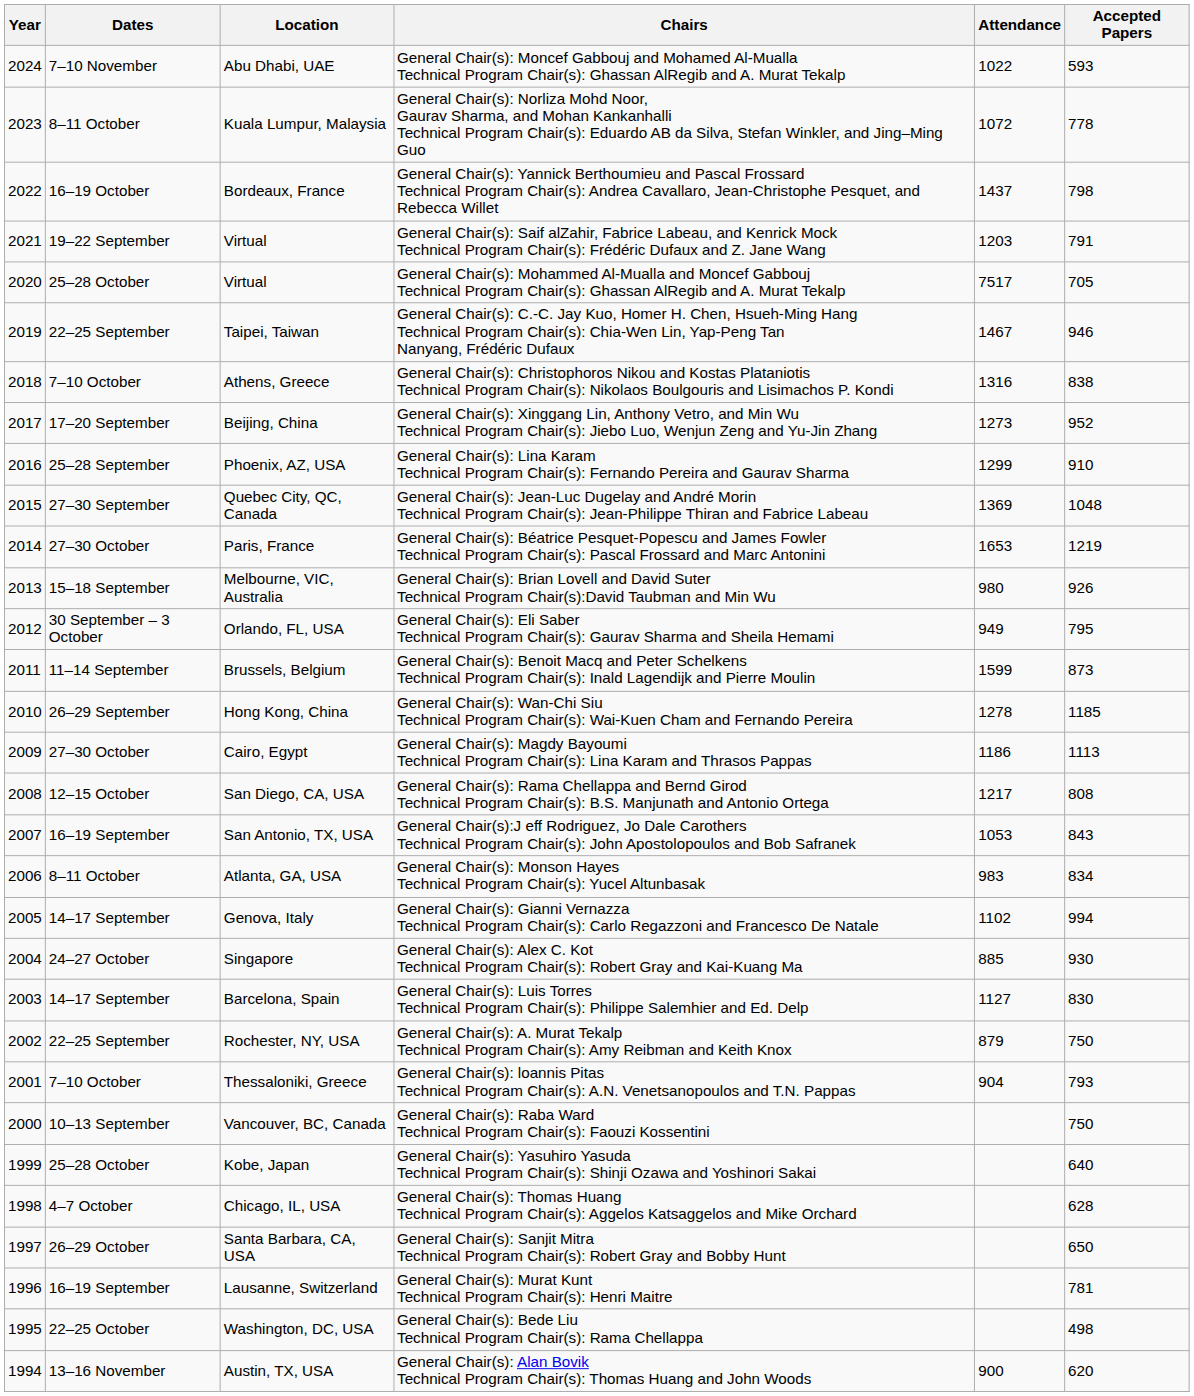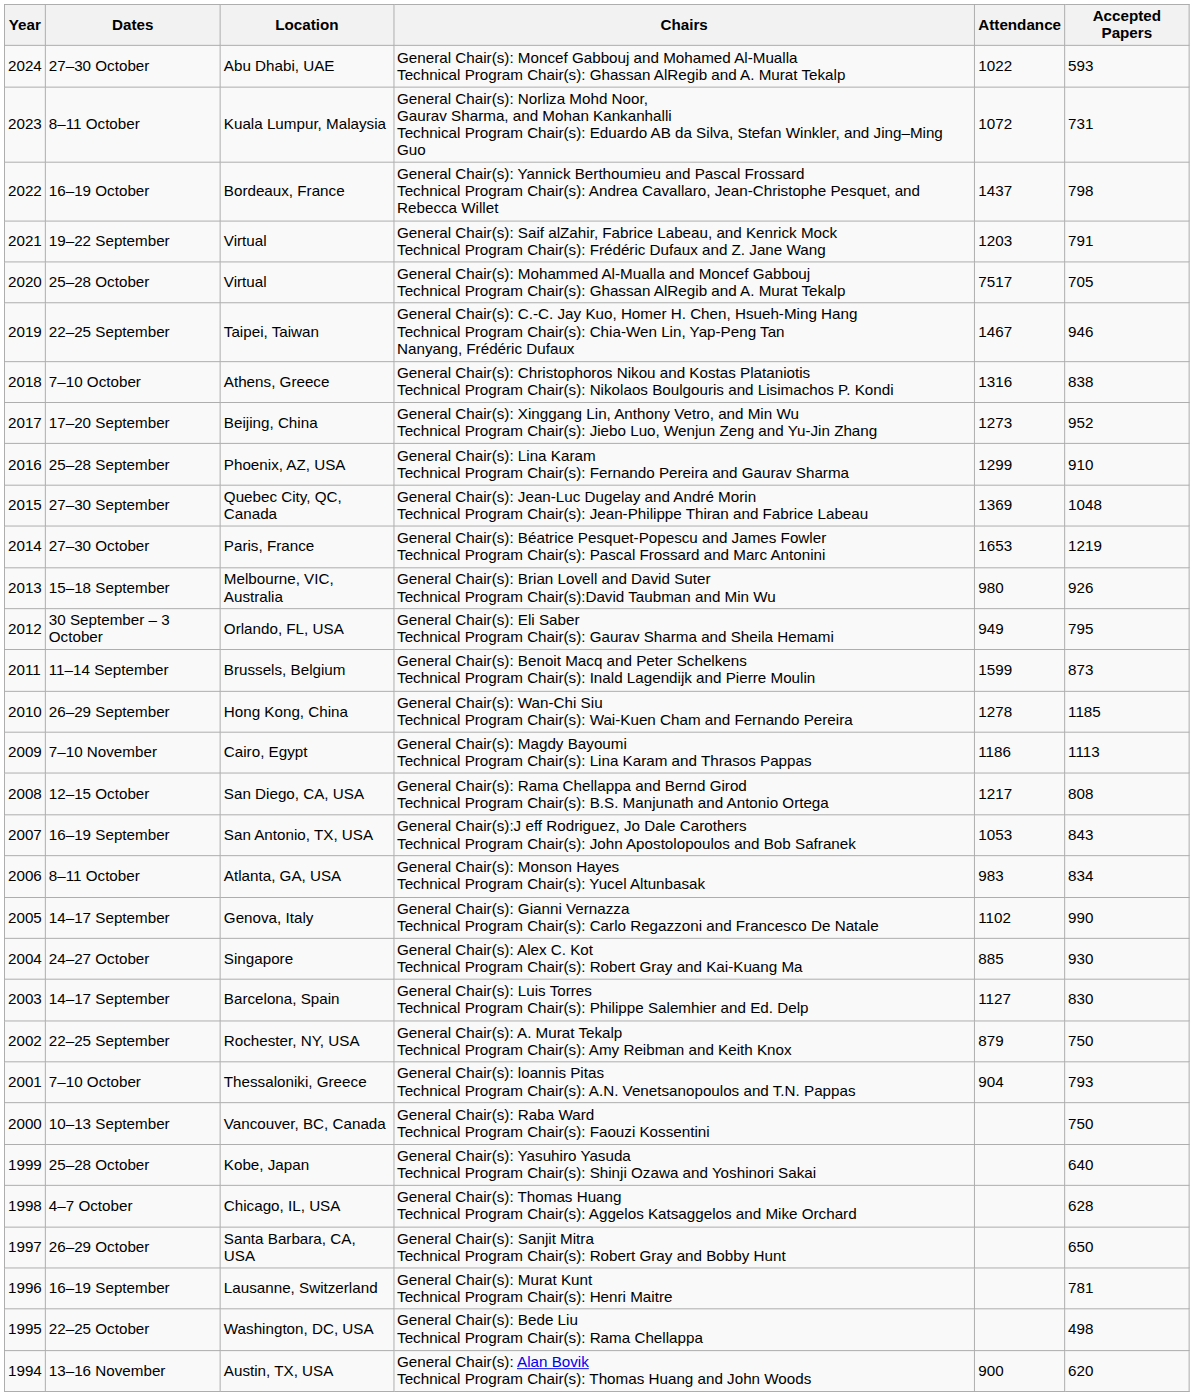 <table class="wikitable">
 <tr>
 <th><strong>Year</strong></th>
 <th><strong>Dates</strong></th>
 <th><strong>Location</strong></th>
 <th><strong>Chairs</strong></th>
 <th><strong>Attendance</strong></th>
 <th><strong>Accepted Papers</strong></th>
 </tr>
 <tr>
 <td>2024</td>
-<td>7–10 November</td>
+<td>27–30 October</td>
 <td>Abu Dhabi, UAE</td>
 <td>General Chair(s): Moncef Gabbouj and Mohamed Al-Mualla<br>Technical Program Chair(s): Ghassan AlRegib and A. Murat Tekalp</td>
 <td>1022</td>
 <td>593</td>
 </tr>
 <tr>
 <td>2023</td>
 <td>8–11 October</td>
 <td>Kuala Lumpur, Malaysia</td>
 <td>General Chair(s): Norliza Mohd Noor,<br>Gaurav Sharma, and Mohan Kankanhalli<br>Technical Program Chair(s): Eduardo AB da Silva, Stefan Winkler, and Jing–Ming Guo</td>
 <td>1072</td>
-<td>778</td>
+<td>731</td>
 </tr>
 <tr>
 <td>2022</td>
 <td>16–19 October</td>
 <td>Bordeaux, France</td>
 <td>General Chair(s): Yannick Berthoumieu and Pascal Frossard<br>Technical Program Chair(s): Andrea Cavallaro, Jean-Christophe Pesquet, and Rebecca Willet</td>
 <td>1437</td>
 <td>798</td>
 </tr>
 <tr>
 <td>2021</td>
 <td>19–22 September</td>
 <td>Virtual</td>
 <td>General Chair(s): Saif alZahir, Fabrice Labeau, and Kenrick Mock<br>Technical Program Chair(s): Frédéric Dufaux and Z. Jane Wang</td>
 <td>1203</td>
 <td>791</td>
 </tr>
 <tr>
 <td>2020</td>
 <td>25–28 October</td>
 <td>Virtual</td>
 <td>General Chair(s): Mohammed Al-Mualla and Moncef Gabbouj<br>Technical Program Chair(s): Ghassan AlRegib and A. Murat Tekalp</td>
 <td>7517</td>
 <td>705</td>
 </tr>
 <tr>
 <td>2019</td>
 <td>22–25 September</td>
 <td>Taipei, Taiwan</td>
 <td>General Chair(s): C.-C. Jay Kuo, Homer H. Chen, Hsueh-Ming Hang<br>Technical Program Chair(s): Chia-Wen Lin, Yap-Peng Tan<br>Nanyang, Frédéric Dufaux</td>
 <td>1467</td>
 <td>946</td>
 </tr>
 <tr>
 <td>2018</td>
 <td>7–10 October</td>
 <td>Athens, Greece</td>
 <td>General Chair(s): Christophoros Nikou and Kostas Plataniotis<br>Technical Program Chair(s): Nikolaos Boulgouris and Lisimachos P. Kondi</td>
 <td>1316</td>
 <td>838</td>
 </tr>
 <tr>
 <td>2017</td>
 <td>17–20 September</td>
 <td>Beijing, China</td>
 <td>General Chair(s): Xinggang Lin, Anthony Vetro, and Min Wu<br>Technical Program Chair(s): Jiebo Luo, Wenjun Zeng and Yu-Jin Zhang</td>
 <td>1273</td>
 <td>952</td>
 </tr>
 <tr>
 <td>2016</td>
 <td>25–28 September</td>
 <td>Phoenix, AZ, USA</td>
 <td>General Chair(s): Lina Karam<br>Technical Program Chair(s): Fernando Pereira and Gaurav Sharma</td>
 <td>1299</td>
 <td>910</td>
 </tr>
 <tr>
 <td>2015</td>
 <td>27–30 September</td>
 <td>Quebec City, QC, Canada</td>
 <td>General Chair(s): Jean-Luc Dugelay and André Morin<br>Technical Program Chair(s): Jean-Philippe Thiran and Fabrice Labeau</td>
 <td>1369</td>
 <td>1048</td>
 </tr>
 <tr>
 <td>2014</td>
 <td>27–30 October</td>
 <td>Paris, France</td>
 <td>General Chair(s): Béatrice Pesquet-Popescu and James Fowler<br>Technical Program Chair(s): Pascal Frossard and Marc Antonini</td>
 <td>1653</td>
 <td>1219</td>
 </tr>
 <tr>
 <td>2013</td>
 <td>15–18 September</td>
 <td>Melbourne, VIC, Australia</td>
 <td>General Chair(s): Brian Lovell and David Suter<br>Technical Program Chair(s):David Taubman and Min Wu</td>
 <td>980</td>
 <td>926</td>
 </tr>
 <tr>
 <td>2012</td>
 <td>30 September – 3 October</td>
 <td>Orlando, FL, USA</td>
 <td>General Chair(s): Eli Saber<br>Technical Program Chair(s): Gaurav Sharma and Sheila Hemami</td>
 <td>949</td>
 <td>795</td>
 </tr>
 <tr>
 <td>2011</td>
 <td>11–14 September</td>
 <td>Brussels, Belgium</td>
 <td>General Chair(s): Benoit Macq and Peter Schelkens<br>Technical Program Chair(s): Inald Lagendijk and Pierre Moulin</td>
 <td>1599</td>
 <td>873</td>
 </tr>
 <tr>
 <td>2010</td>
 <td>26–29 September</td>
 <td>Hong Kong, China</td>
 <td>General Chair(s): Wan-Chi Siu<br>Technical Program Chair(s): Wai-Kuen Cham and Fernando Pereira</td>
 <td>1278</td>
 <td>1185</td>
 </tr>
 <tr>
 <td>2009</td>
-<td>27–30 October</td>
+<td>7–10 November</td>
 <td>Cairo, Egypt</td>
 <td>General Chair(s): Magdy Bayoumi<br>Technical Program Chair(s): Lina Karam and Thrasos Pappas</td>
 <td>1186</td>
 <td>1113</td>
 </tr>
 <tr>
 <td>2008</td>
 <td>12–15 October</td>
 <td>San Diego, CA, USA</td>
 <td>General Chair(s): Rama Chellappa and Bernd Girod<br>Technical Program Chair(s): B.S. Manjunath and Antonio Ortega</td>
 <td>1217</td>
 <td>808</td>
 </tr>
 <tr>
 <td>2007</td>
 <td>16–19 September</td>
 <td>San Antonio, TX, USA</td>
 <td>General Chair(s):J eff Rodriguez, Jo Dale Carothers<br>Technical Program Chair(s): John Apostolopoulos and Bob Safranek</td>
 <td>1053</td>
 <td>843</td>
 </tr>
 <tr>
 <td>2006</td>
 <td>8–11 October</td>
 <td>Atlanta, GA, USA</td>
 <td>General Chair(s): Monson Hayes<br>Technical Program Chair(s): Yucel Altunbasak</td>
 <td>983</td>
 <td>834</td>
 </tr>
 <tr>
 <td>2005</td>
 <td>14–17 September</td>
 <td>Genova, Italy</td>
 <td>General Chair(s): Gianni Vernazza<br>Technical Program Chair(s): Carlo Regazzoni and Francesco De Natale</td>
 <td>1102</td>
-<td>994</td>
+<td>990</td>
 </tr>
 <tr>
 <td>2004</td>
 <td>24–27 October</td>
 <td>Singapore</td>
 <td>General Chair(s): Alex C. Kot<br>Technical Program Chair(s): Robert Gray and Kai-Kuang Ma</td>
 <td>885</td>
 <td>930</td>
 </tr>
 <tr>
 <td>2003</td>
 <td>14–17 September</td>
 <td>Barcelona, Spain</td>
 <td>General Chair(s): Luis Torres<br>Technical Program Chair(s): Philippe Salemhier and Ed. Delp</td>
 <td>1127</td>
 <td>830</td>
 </tr>
 <tr>
 <td>2002</td>
 <td>22–25 September</td>
 <td>Rochester, NY, USA</td>
 <td>General Chair(s): A. Murat Tekalp<br>Technical Program Chair(s): Amy Reibman and Keith Knox</td>
 <td>879</td>
 <td>750</td>
 </tr>
 <tr>
 <td>2001</td>
 <td>7–10 October</td>
 <td>Thessaloniki, Greece</td>
 <td>General Chair(s): loannis Pitas<br>Technical Program Chair(s): A.N. Venetsanopoulos and T.N. Pappas</td>
 <td>904</td>
 <td>793</td>
 </tr>
 <tr>
 <td>2000</td>
 <td>10–13 September</td>
 <td>Vancouver, BC, Canada</td>
 <td>General Chair(s): Raba Ward<br>Technical Program Chair(s): Faouzi Kossentini</td>
 <td></td>
 <td>750</td>
 </tr>
 <tr>
 <td>1999</td>
 <td>25–28 October</td>
 <td>Kobe, Japan</td>
 <td>General Chair(s): Yasuhiro Yasuda<br>Technical Program Chair(s): Shinji Ozawa and Yoshinori Sakai</td>
 <td></td>
 <td>640</td>
 </tr>
 <tr>
 <td>1998</td>
 <td>4–7 October</td>
 <td>Chicago, IL, USA</td>
 <td>General Chair(s): Thomas Huang<br>Technical Program Chair(s): Aggelos Katsaggelos and Mike Orchard</td>
 <td></td>
 <td>628</td>
 </tr>
 <tr>
 <td>1997</td>
 <td>26–29 October</td>
 <td>Santa Barbara, CA, USA</td>
 <td>General Chair(s): Sanjit Mitra<br>Technical Program Chair(s): Robert Gray and Bobby Hunt</td>
 <td></td>
 <td>650</td>
 </tr>
 <tr>
 <td>1996</td>
 <td>16–19 September</td>
 <td>Lausanne, Switzerland</td>
 <td>General Chair(s): Murat Kunt<br>Technical Program Chair(s): Henri Maitre</td>
 <td></td>
 <td>781</td>
 </tr>
 <tr>
 <td>1995</td>
 <td>22–25 October</td>
 <td>Washington, DC, USA</td>
 <td>General Chair(s): Bede Liu<br>Technical Program Chair(s): Rama Chellappa</td>
 <td></td>
 <td>498</td>
 </tr>
 <tr>
 <td>1994</td>
 <td>13–16 November</td>
 <td>Austin, TX, USA</td>
 <td>General Chair(s): <a href='#'>Alan Bovik</a><br>Technical Program Chair(s): Thomas Huang and John Woods</td>
 <td>900</td>
 <td>620</td>
 </tr>
 </table>
